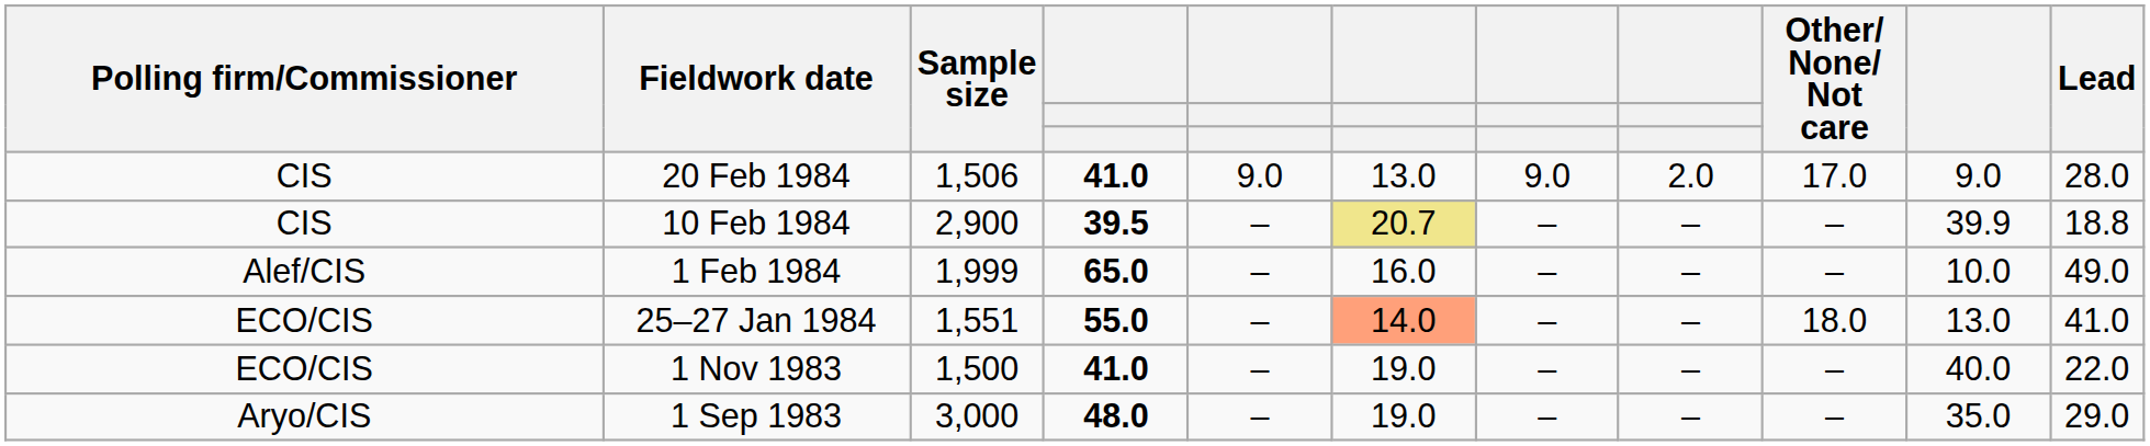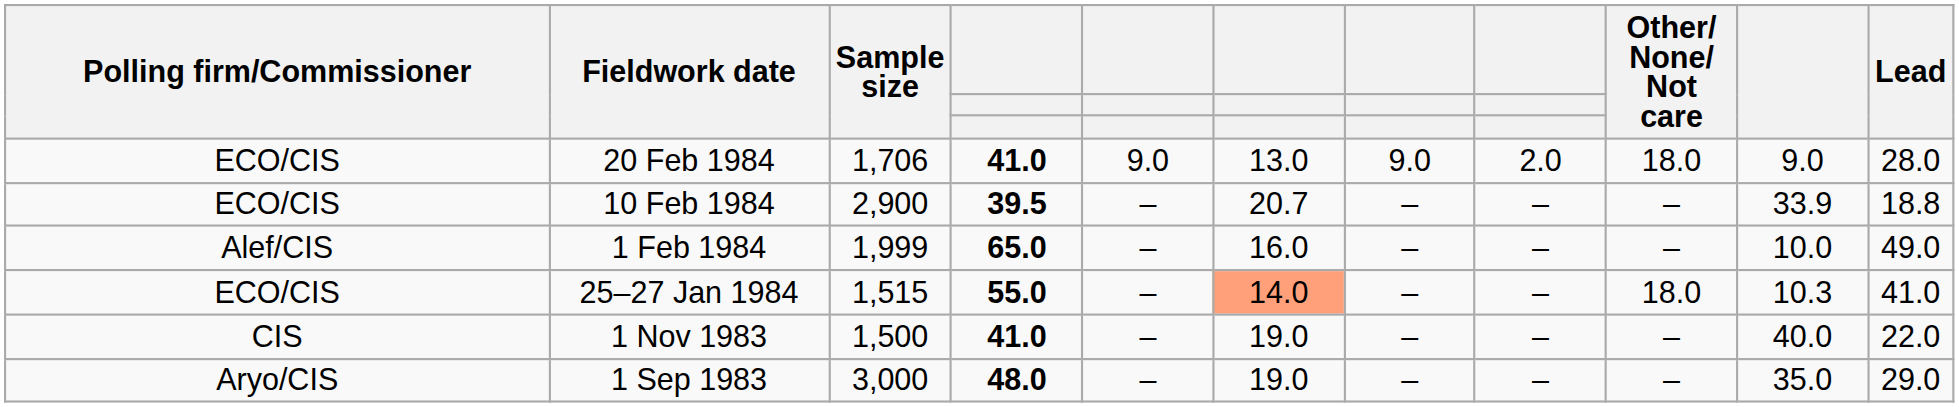 <table class="wikitable collapsible collapsed" style="text-align:center; font-size:90%; line-height:14px;">
 <tr style="height:42px;">
 <th style="width:250px;" rowspan="3">Polling firm/Commissioner</th>
 <th style="width:125px;" rowspan="3">Fieldwork date</th>
 <th style="width:50px;" rowspan="3">Sample size</th>
 <th style="width:55px;"></th>
 <th style="width:55px;"></th>
 <th style="width:55px;"></th>
 <th style="width:55px;"></th>
 <th style="width:55px;"></th>
 <th style="width:55px;" rowspan="3">Other/<br>None/<br>Not<br>care</th>
 <th style="width:55px;" rowspan="3"></th>
 <th style="width:30px;" rowspan="3">Lead</th>
 </tr>
 <tr>
 <th style="color:inherit;background:"></th>
 <th style="color:inherit;background:"></th>
 <th style="color:inherit;background:"></th>
 <th style="color:inherit;background:"></th>
 <th style="color:inherit;background:"></th>
 </tr>
 <tr>
 <th></th>
 <th></th>
 <th></th>
 <th></th>
 <th></th>
 </tr>
 <tr>
-<td>CIS</td>
+<td>ECO/CIS</td>
 <td>20 Feb 1984</td>
-<td>1,506</td>
+<td>1,706</td>
 <td><strong>41.0</strong></td>
 <td>9.0</td>
 <td>13.0</td>
 <td>9.0</td>
 <td>2.0</td>
-<td>17.0</td>
+<td>18.0</td>
 <td>9.0</td>
 <td style="background:">28.0</td>
 </tr>
 <tr>
-<td>CIS</td>
+<td>ECO/CIS</td>
 <td>10 Feb 1984</td>
 <td>2,900</td>
 <td><strong>39.5</strong></td>
 <td>–</td>
-<td style="background: khaki;">20.7</td>
+<td>20.7</td>
 <td>–</td>
 <td>–</td>
 <td>–</td>
-<td>39.9</td>
+<td>33.9</td>
 <td style="background:">18.8</td>
 </tr>
 <tr>
 <td>Alef/CIS</td>
 <td>1 Feb 1984</td>
 <td>1,999</td>
 <td><strong>65.0</strong></td>
 <td>–</td>
 <td>16.0</td>
 <td>–</td>
 <td>–</td>
 <td>–</td>
 <td>10.0</td>
 <td style="background:">49.0</td>
 </tr>
 <tr>
 <td>ECO/CIS</td>
 <td>25–27 Jan 1984</td>
-<td>1,551</td>
+<td>1,515</td>
 <td><strong>55.0</strong></td>
 <td>–</td>
 <td style="background: lightsalmon;">14.0</td>
 <td>–</td>
 <td>–</td>
 <td>18.0</td>
-<td>13.0</td>
+<td>10.3</td>
 <td style="background:">41.0</td>
 </tr>
 <tr>
-<td>ECO/CIS</td>
+<td>CIS</td>
 <td>1 Nov 1983</td>
 <td>1,500</td>
 <td><strong>41.0</strong></td>
 <td>–</td>
 <td>19.0</td>
 <td>–</td>
 <td>–</td>
 <td>–</td>
 <td>40.0</td>
 <td style="background:">22.0</td>
 </tr>
 <tr>
 <td>Aryo/CIS</td>
 <td>1 Sep 1983</td>
 <td>3,000</td>
 <td><strong>48.0</strong></td>
 <td>–</td>
 <td>19.0</td>
 <td>–</td>
 <td>–</td>
 <td>–</td>
 <td>35.0</td>
 <td style="background:">29.0</td>
 </tr>
 </table>
